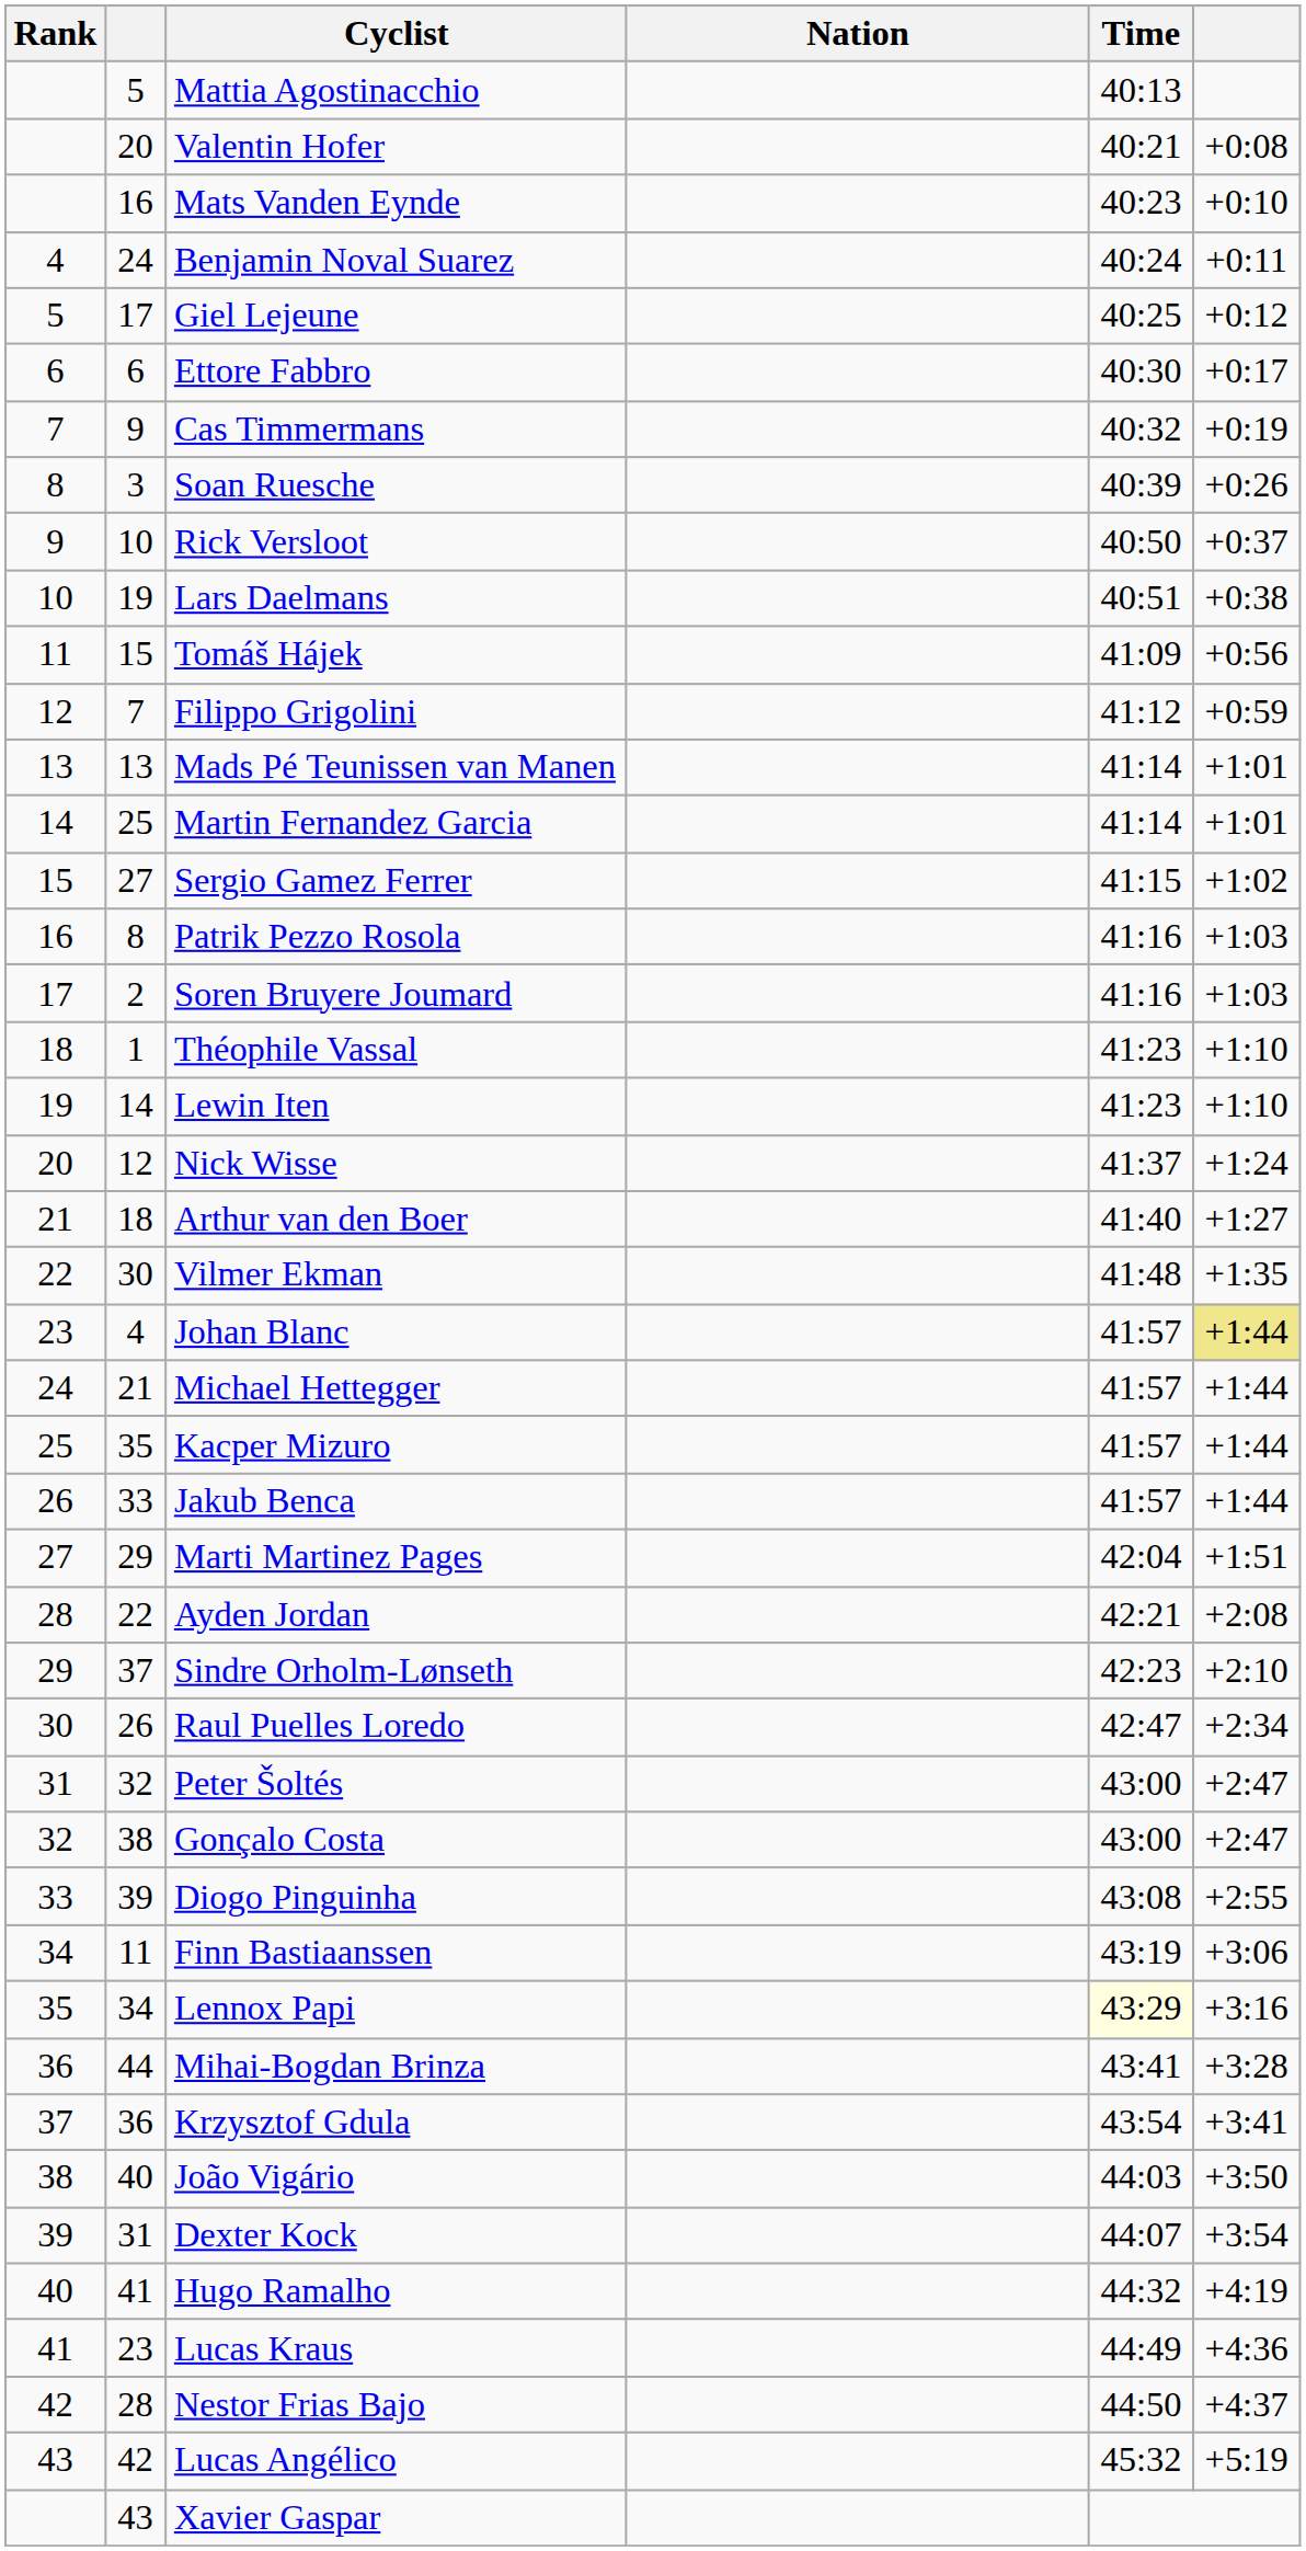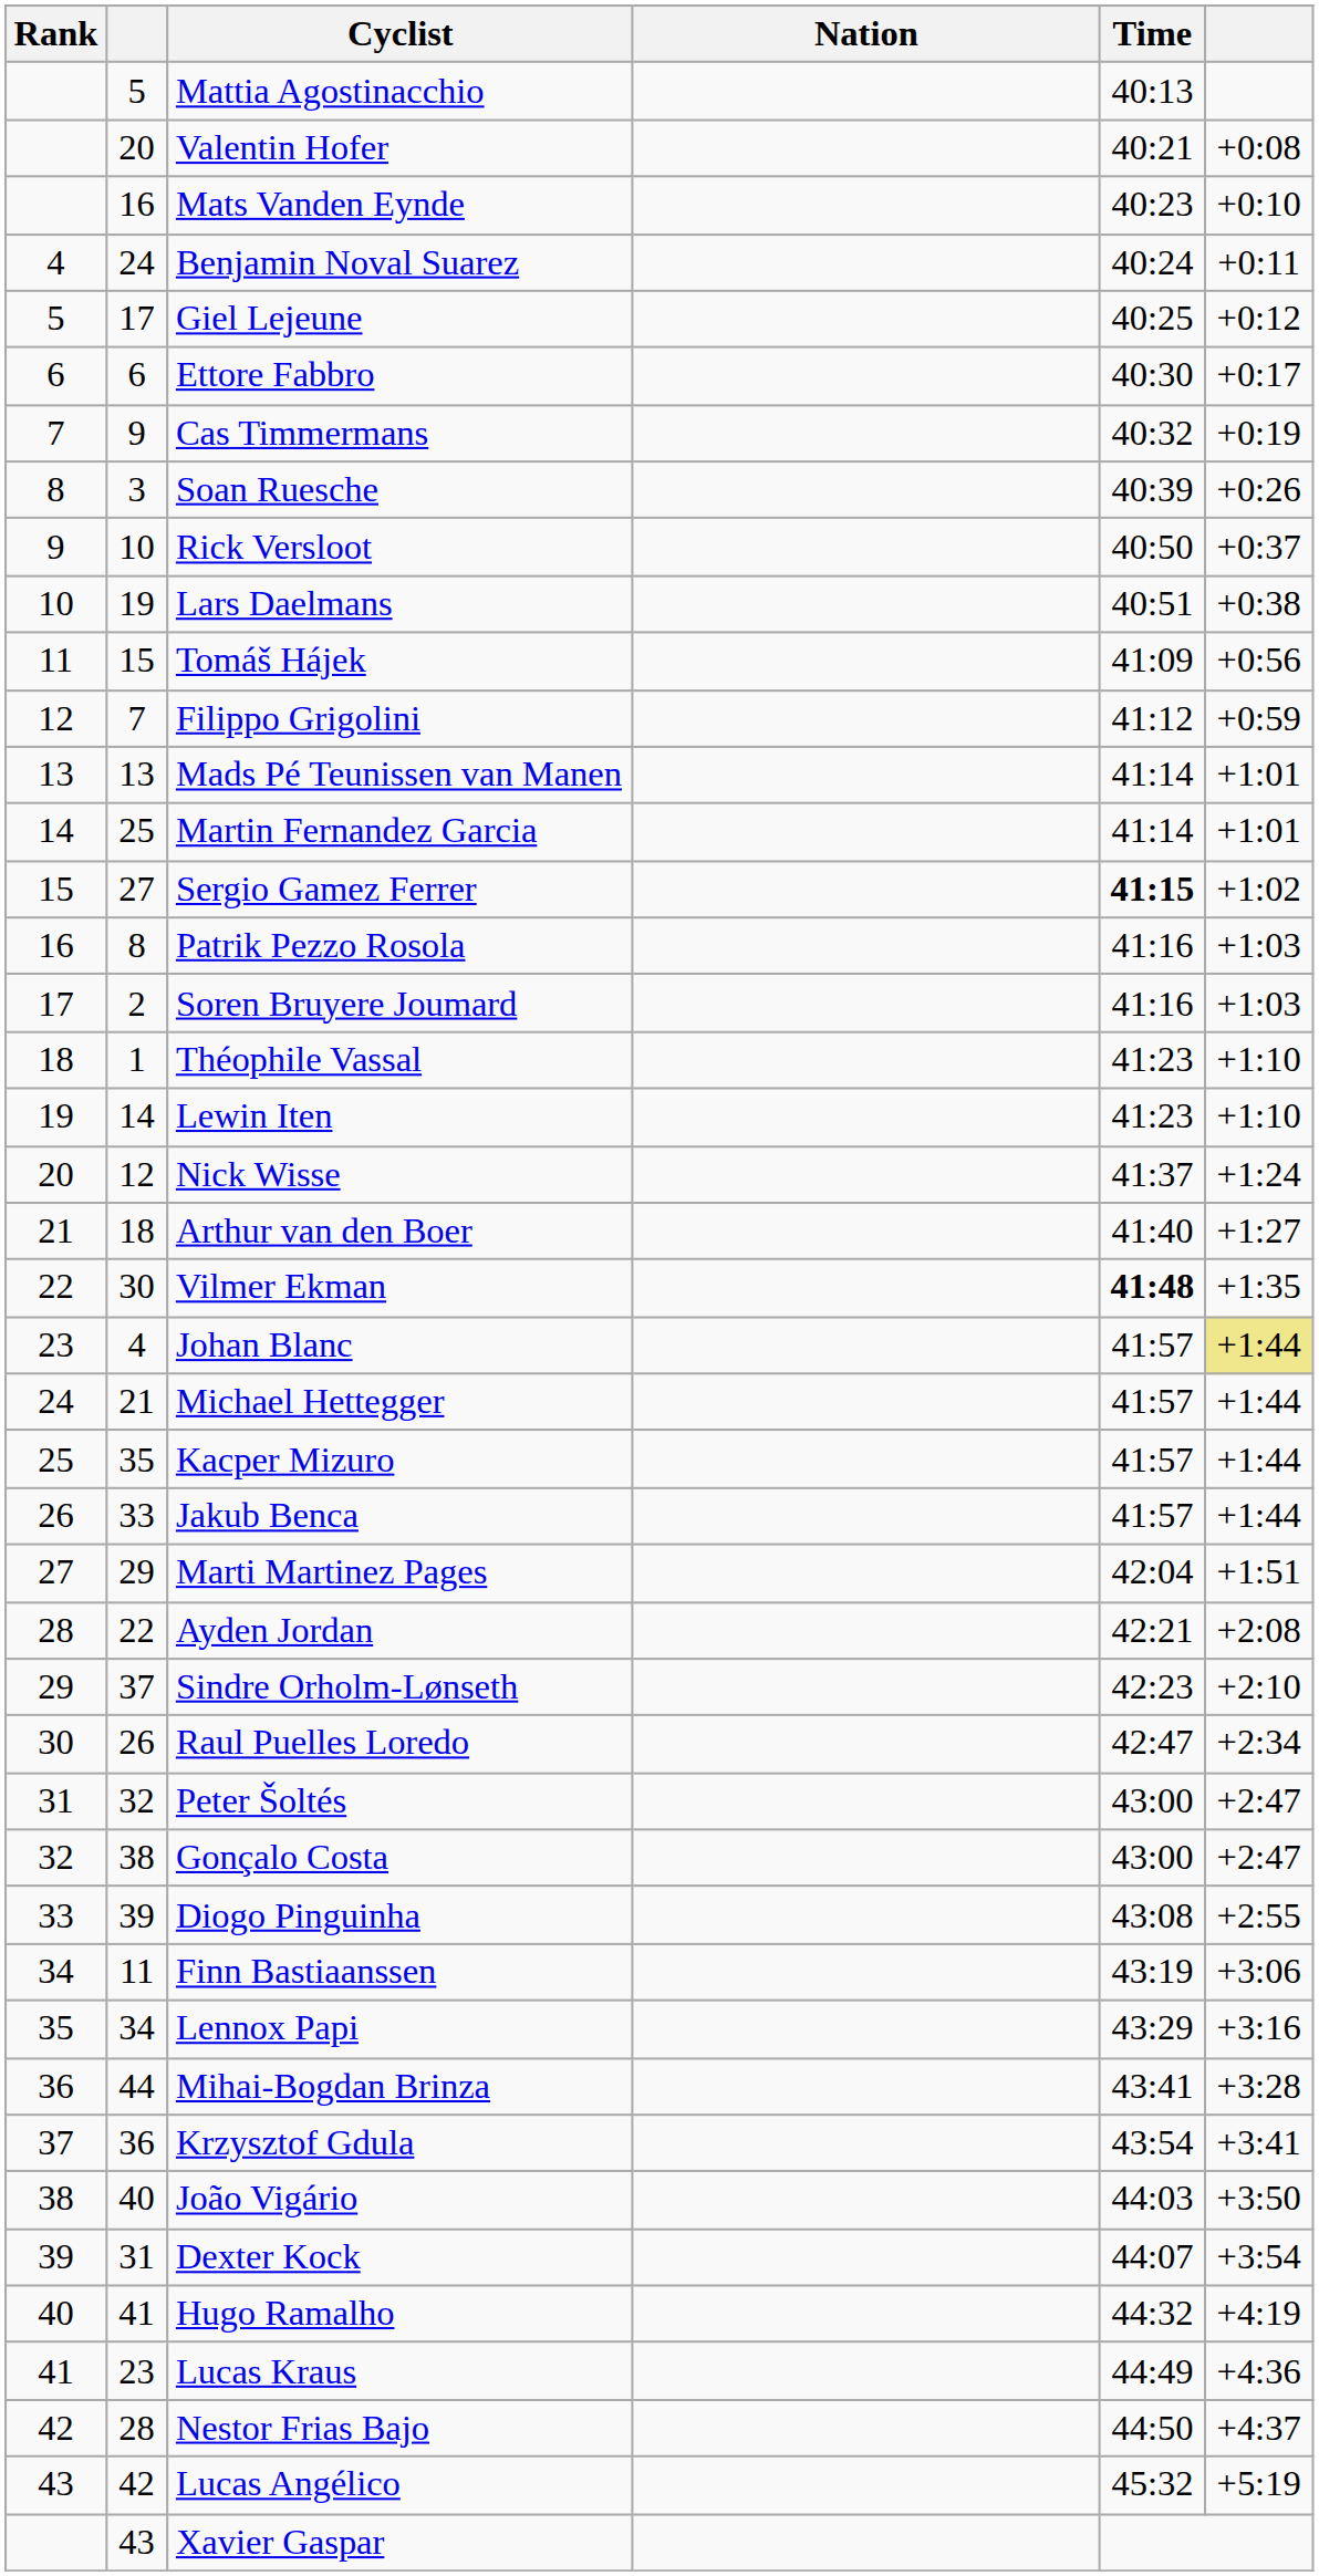 <table class="wikitable sortable" style="text-align:center">
 <tr style="background:#efefef;">
 <th width="30">Rank</th>
 <th width="20"></th>
 <th width="200">Cyclist</th>
 <th width="200">Nation</th>
 <th width="40">Time</th>
 <th width="40"></th>
 </tr>
 <tr>
 <td></td>
 <td>5</td>
 <td align="left"><a href='#'>Mattia Agostinacchio</a></td>
 <td align="left"></td>
 <td>40:13</td>
 <td></td>
 </tr>
 <tr>
 <td></td>
 <td>20</td>
 <td align="left"><a href='#'>Valentin Hofer</a></td>
 <td align="left"></td>
 <td>40:21</td>
 <td>+0:08</td>
 </tr>
 <tr>
 <td></td>
 <td>16</td>
 <td align="left"><a href='#'>Mats Vanden Eynde</a></td>
 <td align="left"></td>
 <td>40:23</td>
 <td>+0:10</td>
 </tr>
 <tr>
 <td>4</td>
 <td>24</td>
 <td align="left"><a href='#'>Benjamin Noval Suarez</a></td>
 <td align="left"></td>
 <td>40:24</td>
 <td>+0:11</td>
 </tr>
 <tr>
 <td>5</td>
 <td>17</td>
 <td align="left"><a href='#'>Giel Lejeune</a></td>
 <td align="left"></td>
 <td>40:25</td>
 <td>+0:12</td>
 </tr>
 <tr>
 <td>6</td>
 <td>6</td>
 <td align="left"><a href='#'>Ettore Fabbro</a></td>
 <td align="left"></td>
 <td>40:30</td>
 <td>+0:17</td>
 </tr>
 <tr>
 <td>7</td>
 <td>9</td>
 <td align="left"><a href='#'>Cas Timmermans</a></td>
 <td align="left"></td>
 <td>40:32</td>
 <td>+0:19</td>
 </tr>
 <tr>
 <td>8</td>
 <td>3</td>
 <td align="left"><a href='#'>Soan Ruesche</a></td>
 <td align="left"></td>
 <td>40:39</td>
 <td>+0:26</td>
 </tr>
 <tr>
 <td>9</td>
 <td>10</td>
 <td align="left"><a href='#'>Rick Versloot</a></td>
 <td align="left"></td>
 <td>40:50</td>
 <td>+0:37</td>
 </tr>
 <tr>
 <td>10</td>
 <td>19</td>
 <td align="left"><a href='#'>Lars Daelmans</a></td>
 <td align="left"></td>
 <td>40:51</td>
 <td>+0:38</td>
 </tr>
 <tr>
 <td>11</td>
 <td>15</td>
 <td align="left"><a href='#'>Tomáš Hájek</a></td>
 <td align="left"></td>
 <td>41:09</td>
 <td>+0:56</td>
 </tr>
 <tr>
 <td>12</td>
 <td>7</td>
 <td align="left"><a href='#'>Filippo Grigolini</a></td>
 <td align="left"></td>
 <td>41:12</td>
 <td>+0:59</td>
 </tr>
 <tr>
 <td>13</td>
 <td>13</td>
 <td align="left"><a href='#'>Mads Pé Teunissen van Manen</a></td>
 <td align="left"></td>
 <td>41:14</td>
 <td>+1:01</td>
 </tr>
 <tr>
 <td>14</td>
 <td>25</td>
 <td align="left"><a href='#'>Martin Fernandez Garcia</a></td>
 <td align="left"></td>
 <td>41:14</td>
 <td>+1:01</td>
 </tr>
 <tr>
 <td>15</td>
 <td>27</td>
 <td align="left"><a href='#'>Sergio Gamez Ferrer</a></td>
 <td align="left"></td>
-<td>41:15</td>
+<td><strong>41:15</strong></td>
 <td>+1:02</td>
 </tr>
 <tr>
 <td>16</td>
 <td>8</td>
 <td align="left"><a href='#'>Patrik Pezzo Rosola</a></td>
 <td align="left"></td>
 <td>41:16</td>
 <td>+1:03</td>
 </tr>
 <tr>
 <td>17</td>
 <td>2</td>
 <td align="left"><a href='#'>Soren Bruyere Joumard</a></td>
 <td align="left"></td>
 <td>41:16</td>
 <td>+1:03</td>
 </tr>
 <tr>
 <td>18</td>
 <td>1</td>
 <td align="left"><a href='#'>Théophile Vassal</a></td>
 <td align="left"></td>
 <td>41:23</td>
 <td>+1:10</td>
 </tr>
 <tr>
 <td>19</td>
 <td>14</td>
 <td align="left"><a href='#'>Lewin Iten</a></td>
 <td align="left"></td>
 <td>41:23</td>
 <td>+1:10</td>
 </tr>
 <tr>
 <td>20</td>
 <td>12</td>
 <td align="left"><a href='#'>Nick Wisse</a></td>
 <td align="left"></td>
 <td>41:37</td>
 <td>+1:24</td>
 </tr>
 <tr>
 <td>21</td>
 <td>18</td>
 <td align="left"><a href='#'>Arthur van den Boer</a></td>
 <td align="left"></td>
 <td>41:40</td>
 <td>+1:27</td>
 </tr>
 <tr>
 <td>22</td>
 <td>30</td>
 <td align="left"><a href='#'>Vilmer Ekman</a></td>
 <td align="left"></td>
-<td>41:48</td>
+<td><strong>41:48</strong></td>
 <td>+1:35</td>
 </tr>
 <tr>
 <td>23</td>
 <td>4</td>
 <td align="left"><a href='#'>Johan Blanc</a></td>
 <td align="left"></td>
 <td>41:57</td>
 <td style="background: khaki;">+1:44</td>
 </tr>
 <tr>
 <td>24</td>
 <td>21</td>
 <td align="left"><a href='#'>Michael Hettegger</a></td>
 <td align="left"></td>
 <td>41:57</td>
 <td>+1:44</td>
 </tr>
 <tr>
 <td>25</td>
 <td>35</td>
 <td align="left"><a href='#'>Kacper Mizuro</a></td>
 <td align="left"></td>
 <td>41:57</td>
 <td>+1:44</td>
 </tr>
 <tr>
 <td>26</td>
 <td>33</td>
 <td align="left"><a href='#'>Jakub Benca</a></td>
 <td align="left"></td>
 <td>41:57</td>
 <td>+1:44</td>
 </tr>
 <tr>
 <td>27</td>
 <td>29</td>
 <td align="left"><a href='#'>Marti Martinez Pages</a></td>
 <td align="left"></td>
 <td>42:04</td>
 <td>+1:51</td>
 </tr>
 <tr>
 <td>28</td>
 <td>22</td>
 <td align="left"><a href='#'>Ayden Jordan</a></td>
 <td align="left"></td>
 <td>42:21</td>
 <td>+2:08</td>
 </tr>
 <tr>
 <td>29</td>
 <td>37</td>
 <td align="left"><a href='#'>Sindre Orholm-Lønseth</a></td>
 <td align="left"></td>
 <td>42:23</td>
 <td>+2:10</td>
 </tr>
 <tr>
 <td>30</td>
 <td>26</td>
 <td align="left"><a href='#'>Raul Puelles Loredo</a></td>
 <td align="left"></td>
 <td>42:47</td>
 <td>+2:34</td>
 </tr>
 <tr>
 <td>31</td>
 <td>32</td>
 <td align="left"><a href='#'>Peter Šoltés</a></td>
 <td align="left"></td>
 <td>43:00</td>
 <td>+2:47</td>
 </tr>
 <tr>
 <td>32</td>
 <td>38</td>
 <td align="left"><a href='#'>Gonçalo Costa</a></td>
 <td align="left"></td>
 <td>43:00</td>
 <td>+2:47</td>
 </tr>
 <tr>
 <td>33</td>
 <td>39</td>
 <td align="left"><a href='#'>Diogo Pinguinha</a></td>
 <td align="left"></td>
 <td>43:08</td>
 <td>+2:55</td>
 </tr>
 <tr>
 <td>34</td>
 <td>11</td>
 <td align="left"><a href='#'>Finn Bastiaanssen</a></td>
 <td align="left"></td>
 <td>43:19</td>
 <td>+3:06</td>
 </tr>
 <tr>
 <td>35</td>
 <td>34</td>
 <td align="left"><a href='#'>Lennox Papi</a></td>
 <td align="left"></td>
-<td style="background: lightyellow;">43:29</td>
+<td>43:29</td>
 <td>+3:16</td>
 </tr>
 <tr>
 <td>36</td>
 <td>44</td>
 <td align="left"><a href='#'>Mihai-Bogdan Brinza</a></td>
 <td align="left"></td>
 <td>43:41</td>
 <td>+3:28</td>
 </tr>
 <tr>
 <td>37</td>
 <td>36</td>
 <td align="left"><a href='#'>Krzysztof Gdula</a></td>
 <td align="left"></td>
 <td>43:54</td>
 <td>+3:41</td>
 </tr>
 <tr>
 <td>38</td>
 <td>40</td>
 <td align="left"><a href='#'>João Vigário</a></td>
 <td align="left"></td>
 <td>44:03</td>
 <td>+3:50</td>
 </tr>
 <tr>
 <td>39</td>
 <td>31</td>
 <td align="left"><a href='#'>Dexter Kock</a></td>
 <td align="left"></td>
 <td>44:07</td>
 <td>+3:54</td>
 </tr>
 <tr>
 <td>40</td>
 <td>41</td>
 <td align="left"><a href='#'>Hugo Ramalho</a></td>
 <td align="left"></td>
 <td>44:32</td>
 <td>+4:19</td>
 </tr>
 <tr>
 <td>41</td>
 <td>23</td>
 <td align="left"><a href='#'>Lucas Kraus</a></td>
 <td align="left"></td>
 <td>44:49</td>
 <td>+4:36</td>
 </tr>
 <tr>
 <td>42</td>
 <td>28</td>
 <td align="left"><a href='#'>Nestor Frias Bajo</a></td>
 <td align="left"></td>
 <td>44:50</td>
 <td>+4:37</td>
 </tr>
 <tr>
 <td>43</td>
 <td>42</td>
 <td align="left"><a href='#'>Lucas Angélico</a></td>
 <td align="left"></td>
 <td>45:32</td>
 <td>+5:19</td>
 </tr>
 <tr>
 <td></td>
 <td>43</td>
 <td align="left"><a href='#'>Xavier Gaspar</a></td>
 <td align="left"></td>
 <td colspan="2"></td>
 </tr>
 </table>
